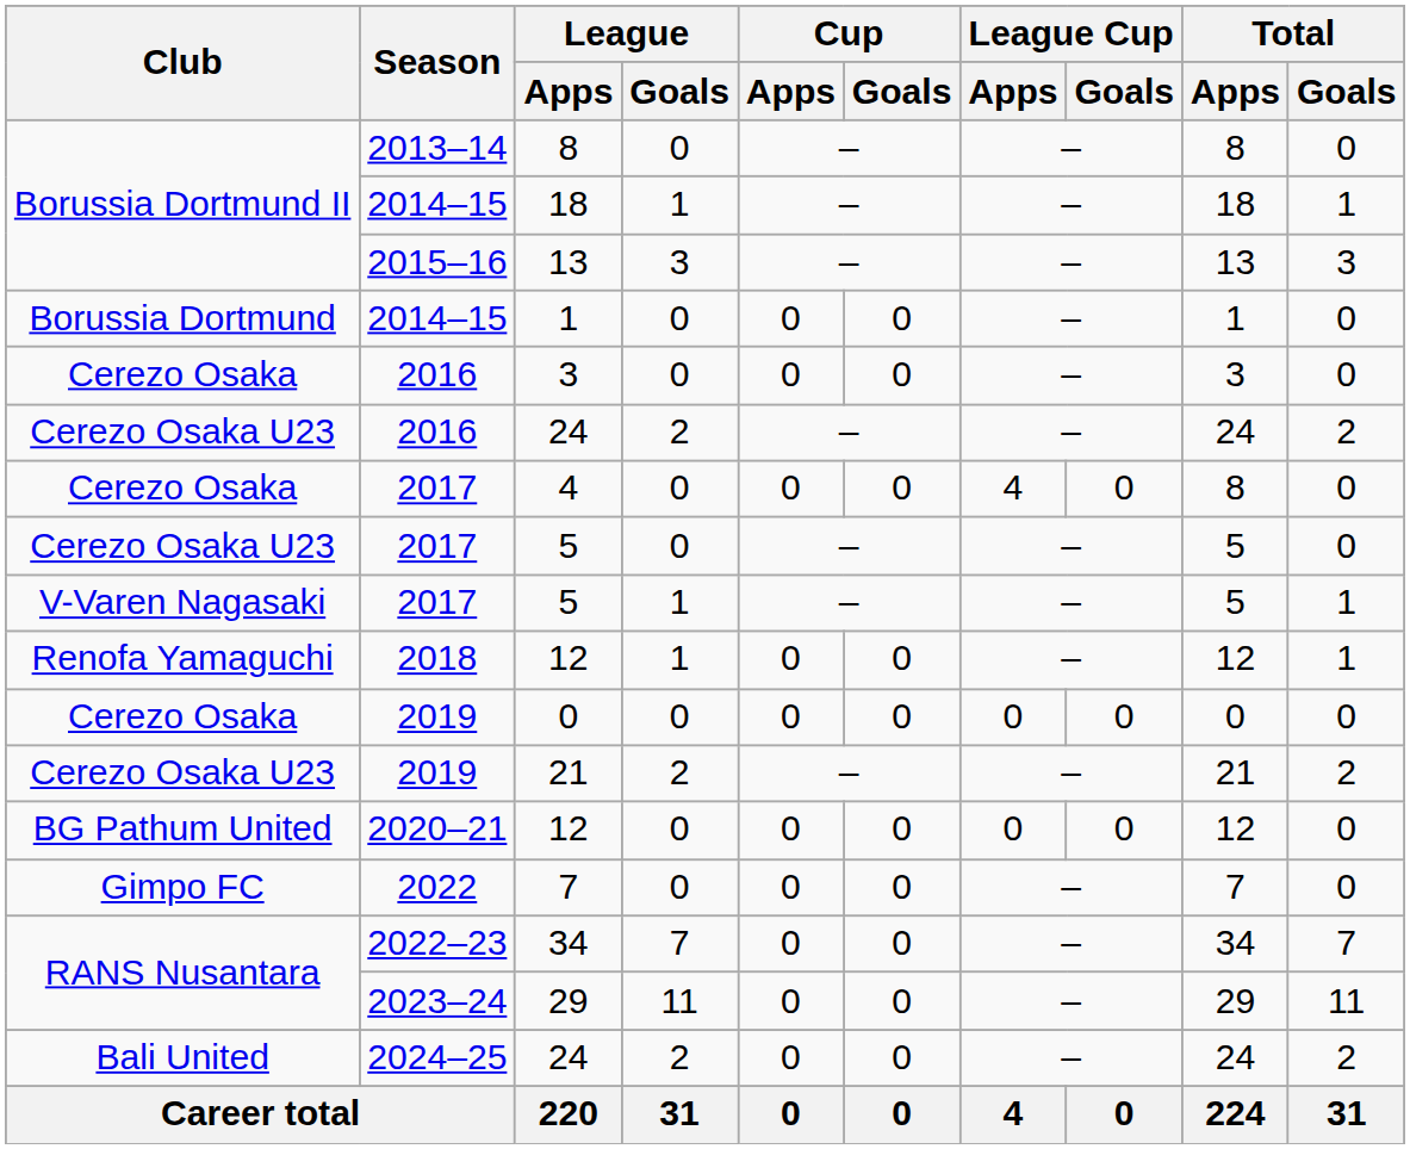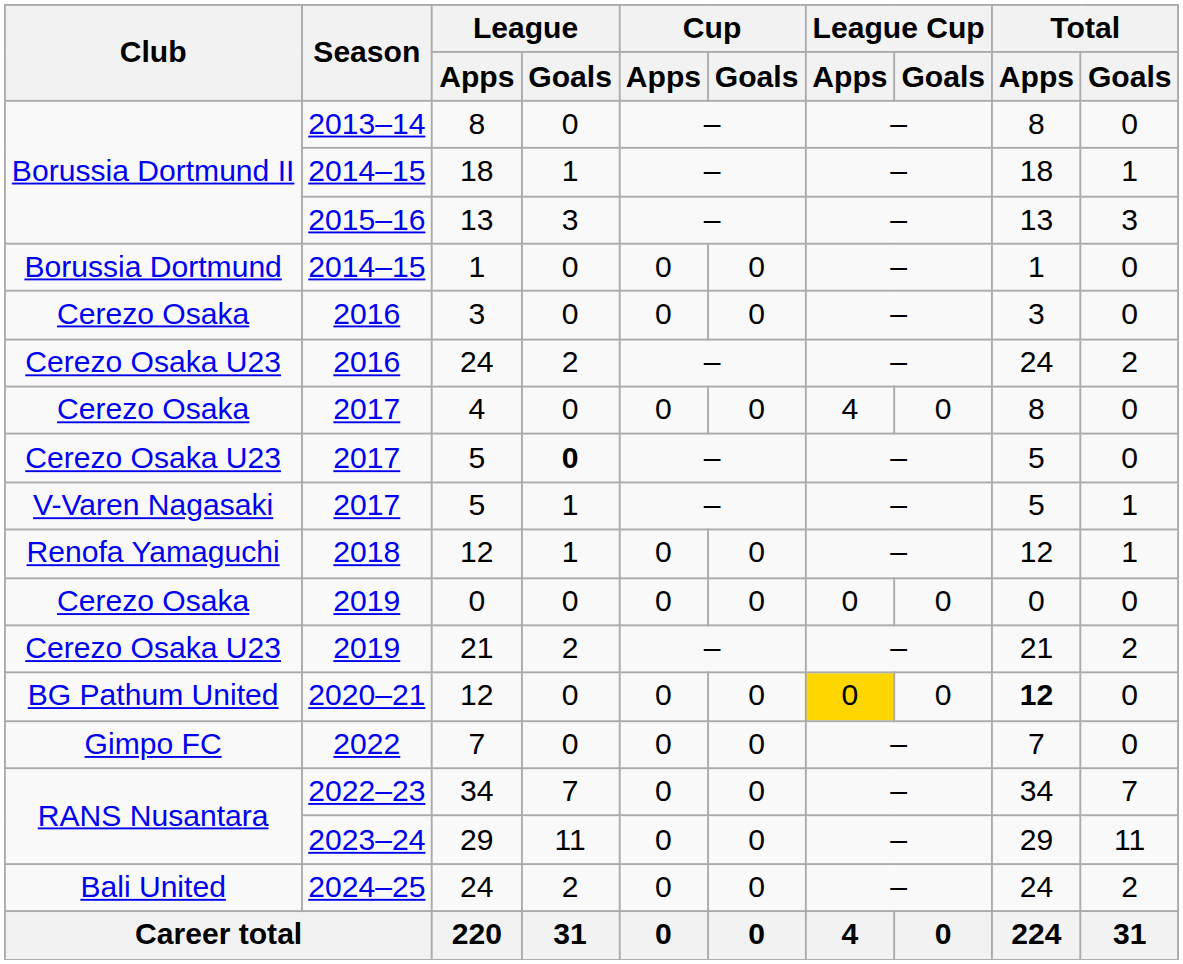 <table class="wikitable" style="text-align:center">
 <tr>
 <th rowspan="2">Club</th>
 <th rowspan="2">Season</th>
 <th colspan="2">League</th>
 <th colspan="2">Cup</th>
 <th colspan="2">League Cup</th>
 <th colspan="2">Total</th>
 </tr>
 <tr>
 <th>Apps</th>
 <th>Goals</th>
 <th>Apps</th>
 <th>Goals</th>
 <th>Apps</th>
 <th>Goals</th>
 <th>Apps</th>
 <th>Goals</th>
 </tr>
 <tr>
 <td rowspan="3"><a href='#'>Borussia Dortmund II</a></td>
 <td><a href='#'>2013–14</a></td>
 <td>8</td>
 <td>0</td>
 <td colspan="2">–</td>
 <td colspan="2">–</td>
 <td>8</td>
 <td>0</td>
 </tr>
 <tr>
 <td><a href='#'>2014–15</a></td>
 <td>18</td>
 <td>1</td>
 <td colspan="2">–</td>
 <td colspan="2">–</td>
 <td>18</td>
 <td>1</td>
 </tr>
 <tr>
 <td><a href='#'>2015–16</a></td>
 <td>13</td>
 <td>3</td>
 <td colspan="2">–</td>
 <td colspan="2">–</td>
 <td>13</td>
 <td>3</td>
 </tr>
 <tr>
 <td><a href='#'>Borussia Dortmund</a></td>
 <td><a href='#'>2014–15</a></td>
 <td>1</td>
 <td>0</td>
 <td>0</td>
 <td>0</td>
 <td colspan="2">–</td>
 <td>1</td>
 <td>0</td>
 </tr>
 <tr>
 <td><a href='#'>Cerezo Osaka</a></td>
 <td><a href='#'>2016</a></td>
 <td>3</td>
 <td>0</td>
 <td>0</td>
 <td>0</td>
 <td colspan="2">–</td>
 <td>3</td>
 <td>0</td>
 </tr>
 <tr>
 <td><a href='#'>Cerezo Osaka U23</a></td>
 <td><a href='#'>2016</a></td>
 <td>24</td>
 <td>2</td>
 <td colspan="2">–</td>
 <td colspan="2">–</td>
 <td>24</td>
 <td>2</td>
 </tr>
 <tr>
 <td><a href='#'>Cerezo Osaka</a></td>
 <td><a href='#'>2017</a></td>
 <td>4</td>
 <td>0</td>
 <td>0</td>
 <td>0</td>
 <td>4</td>
 <td>0</td>
 <td>8</td>
 <td>0</td>
 </tr>
 <tr>
 <td><a href='#'>Cerezo Osaka U23</a></td>
 <td><a href='#'>2017</a></td>
 <td>5</td>
-<td>0</td>
+<td><strong>0</strong></td>
 <td colspan="2">–</td>
 <td colspan="2">–</td>
 <td>5</td>
 <td>0</td>
 </tr>
 <tr>
 <td><a href='#'>V-Varen Nagasaki</a></td>
 <td><a href='#'>2017</a></td>
 <td>5</td>
 <td>1</td>
 <td colspan="2">–</td>
 <td colspan="2">–</td>
 <td>5</td>
 <td>1</td>
 </tr>
 <tr>
 <td><a href='#'>Renofa Yamaguchi</a></td>
 <td><a href='#'>2018</a></td>
 <td>12</td>
 <td>1</td>
 <td>0</td>
 <td>0</td>
 <td colspan="2">–</td>
 <td>12</td>
 <td>1</td>
 </tr>
 <tr>
 <td><a href='#'>Cerezo Osaka</a></td>
 <td><a href='#'>2019</a></td>
 <td>0</td>
 <td>0</td>
 <td>0</td>
 <td>0</td>
 <td>0</td>
 <td>0</td>
 <td>0</td>
 <td>0</td>
 </tr>
 <tr>
 <td><a href='#'>Cerezo Osaka U23</a></td>
 <td><a href='#'>2019</a></td>
 <td>21</td>
 <td>2</td>
 <td colspan="2">–</td>
 <td colspan="2">–</td>
 <td>21</td>
 <td>2</td>
 </tr>
 <tr>
 <td><a href='#'>BG Pathum United</a></td>
 <td><a href='#'>2020–21</a></td>
 <td>12</td>
 <td>0</td>
 <td>0</td>
 <td>0</td>
-<td>0</td>
+<td style="background: gold;">0</td>
 <td 0>0</td>
-<td>12</td>
+<td><strong>12</strong></td>
 <td>0</td>
 </tr>
 <tr>
 <td><a href='#'>Gimpo FC</a></td>
 <td><a href='#'>2022</a></td>
 <td>7</td>
 <td>0</td>
 <td>0</td>
 <td>0</td>
 <td colspan="2">–</td>
 <td>7</td>
 <td>0</td>
 </tr>
 <tr>
 <td rowspan="2"><a href='#'>RANS Nusantara</a></td>
 <td><a href='#'>2022–23</a></td>
 <td>34</td>
 <td>7</td>
 <td>0</td>
 <td>0</td>
 <td colspan="2">–</td>
 <td>34</td>
 <td>7</td>
 </tr>
 <tr>
 <td><a href='#'>2023–24</a></td>
 <td>29</td>
 <td>11</td>
 <td>0</td>
 <td>0</td>
 <td colspan="2">–</td>
 <td>29</td>
 <td>11</td>
 </tr>
 <tr>
 <td rowspan="1"><a href='#'>Bali United</a></td>
 <td><a href='#'>2024–25</a></td>
 <td>24</td>
 <td>2</td>
 <td>0</td>
 <td>0</td>
 <td colspan="2">–</td>
 <td>24</td>
 <td>2</td>
 </tr>
 <tr>
 <th colspan="2">Career total</th>
 <th>220</th>
 <th>31</th>
 <th>0</th>
 <th>0</th>
 <th>4</th>
 <th>0</th>
 <th>224</th>
 <th>31</th>
 </tr>
 </table>
